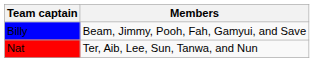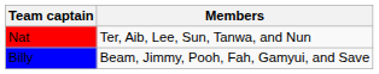 <table class="wikitable">
 <tr>
 <th>Team captain</th>
 <th>Members</th>
 </tr>
 <tr>
+<td style="background:red"><span>Nat</span></td>
+<td>Ter, Aib, Lee, Sun, Tanwa, and Nun</td>
+</tr>
+<tr>
 <td style="background:#0000FF"><span>Billy</span></td>
 <td>Beam, Jimmy, Pooh, Fah, Gamyui, and Save</td>
 </tr>
-<tr>
-<td style="background:red"><span>Nat</span></td>
-<td>Ter, Aib, Lee, Sun, Tanwa, and Nun</td>
-</tr>
 </table>
